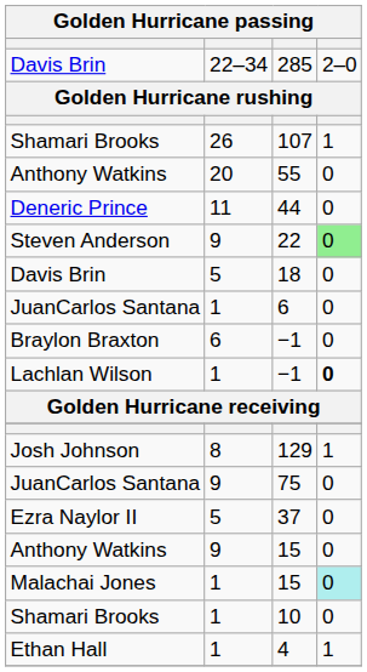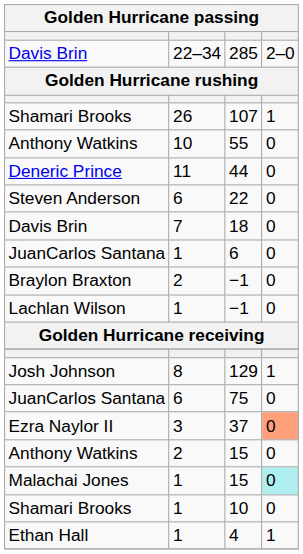 <table class="wikitable plainrowheaders">
 <tr>
 <th colspan="6">Golden Hurricane passing</th>
 </tr>
 <tr>
 <th scope="col"></th>
 <th scope="col"></th>
 <th scope="col"></th>
 <th scope="col"></th>
 </tr>
 <tr>
 <td><a href='#'>Davis Brin</a></td>
 <td>22–34</td>
 <td>285</td>
 <td>2–0</td>
 </tr>
 <tr>
 <th colspan="6">Golden Hurricane rushing</th>
 </tr>
 <tr>
 <th scope="col"></th>
 <th scope="col"></th>
 <th scope="col"></th>
 <th scope="col"></th>
 </tr>
 <tr>
 <td>Shamari Brooks</td>
 <td>26</td>
 <td>107</td>
 <td>1</td>
 </tr>
 <tr>
 <td>Anthony Watkins</td>
-<td>20</td>
+<td>10</td>
 <td>55</td>
 <td>0</td>
 </tr>
 <tr>
 <td><a href='#'>Deneric Prince</a></td>
 <td>11</td>
 <td>44</td>
 <td>0</td>
 </tr>
 <tr>
 <td>Steven Anderson</td>
-<td>9</td>
+<td>6</td>
 <td>22</td>
-<td style="background: lightgreen;">0</td>
+<td>0</td>
 </tr>
 <tr>
 <td>Davis Brin</td>
-<td>5</td>
+<td>7</td>
 <td>18</td>
 <td>0</td>
 </tr>
 <tr>
 <td>JuanCarlos Santana</td>
 <td>1</td>
 <td>6</td>
 <td>0</td>
 </tr>
 <tr>
 <td>Braylon Braxton</td>
-<td>6</td>
+<td>2</td>
 <td>−1</td>
 <td>0</td>
 </tr>
 <tr>
 <td>Lachlan Wilson</td>
 <td>1</td>
 <td>−1</td>
-<td><strong>0</strong></td>
+<td>0</td>
 </tr>
 <tr>
 <th colspan="6">Golden Hurricane receiving</th>
 </tr>
 <tr>
 </tr>
 <tr>
 <th scope="col"></th>
 <th scope="col"></th>
 <th scope="col"></th>
 <th scope="col"></th>
 </tr>
 <tr>
 <td>Josh Johnson</td>
 <td>8</td>
 <td>129</td>
 <td>1</td>
 </tr>
 <tr>
 <td>JuanCarlos Santana</td>
-<td>9</td>
+<td>6</td>
 <td>75</td>
 <td>0</td>
 </tr>
 <tr>
 <td>Ezra Naylor II</td>
-<td>5</td>
+<td>3</td>
 <td>37</td>
-<td>0</td>
+<td style="background: lightsalmon;">0</td>
 </tr>
 <tr>
 <td>Anthony Watkins</td>
-<td>9</td>
+<td>2</td>
 <td>15</td>
 <td>0</td>
 </tr>
 <tr>
 <td>Malachai Jones</td>
 <td>1</td>
 <td>15</td>
 <td style="background: paleturquoise;">0</td>
 </tr>
 <tr>
 <td>Shamari Brooks</td>
 <td>1</td>
 <td>10</td>
 <td>0</td>
 </tr>
 <tr>
 <td>Ethan Hall</td>
 <td>1</td>
 <td>4</td>
 <td>1</td>
 </tr>
 <tr>
 </tr>
 </table>
